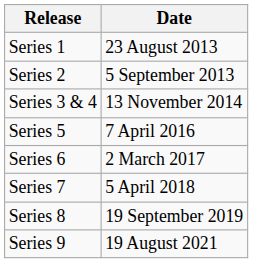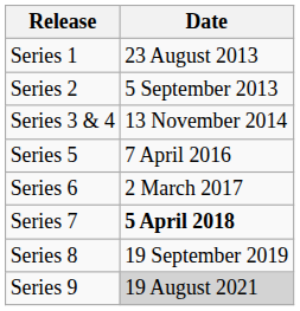 <table class="wikitable">
 <tr>
 <th>Release</th>
 <th>Date</th>
 </tr>
 <tr>
 <td>Series 1</td>
 <td>23 August 2013</td>
 </tr>
 <tr>
 <td>Series 2</td>
 <td>5 September 2013</td>
 </tr>
 <tr>
 <td>Series 3 & 4</td>
 <td>13 November 2014</td>
 </tr>
 <tr>
 <td>Series 5</td>
 <td>7 April 2016</td>
 </tr>
 <tr>
 <td>Series 6</td>
 <td>2 March 2017</td>
 </tr>
 <tr>
 <td>Series 7</td>
-<td>5 April 2018</td>
+<td><strong>5 April 2018</strong></td>
 </tr>
 <tr>
 <td>Series 8</td>
 <td>19 September 2019</td>
 </tr>
 <tr>
 <td>Series 9</td>
-<td>19 August 2021</td>
+<td style="background: lightgrey;">19 August 2021</td>
 </tr>
 </table>
